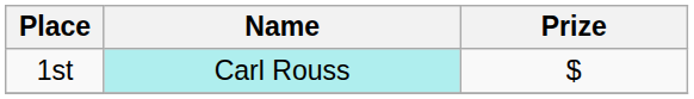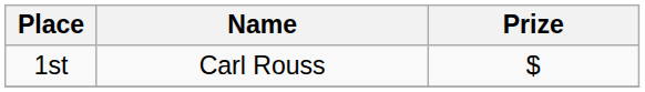 <table class="wikitable">
 <tr>
 <th width="50">Place</th>
 <th width="200">Name</th>
 <th width="125">Prize</th>
 </tr>
 <tr>
 <td align = "center">1st</td>
-<td align = "center" style="background: paleturquoise;">Carl Rouss</td>
+<td align = "center">Carl Rouss</td>
 <td align = "center">$</td>
 </tr>
 <tr>
 </tr>
 </table>
